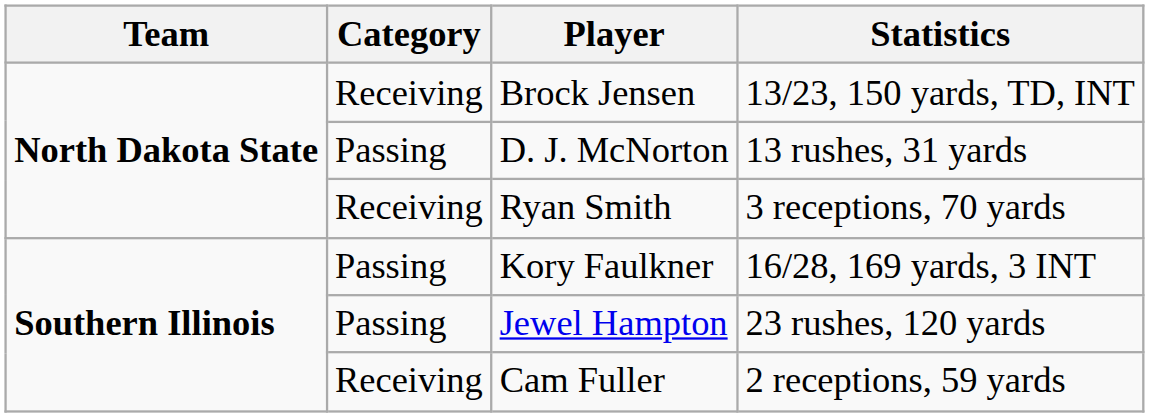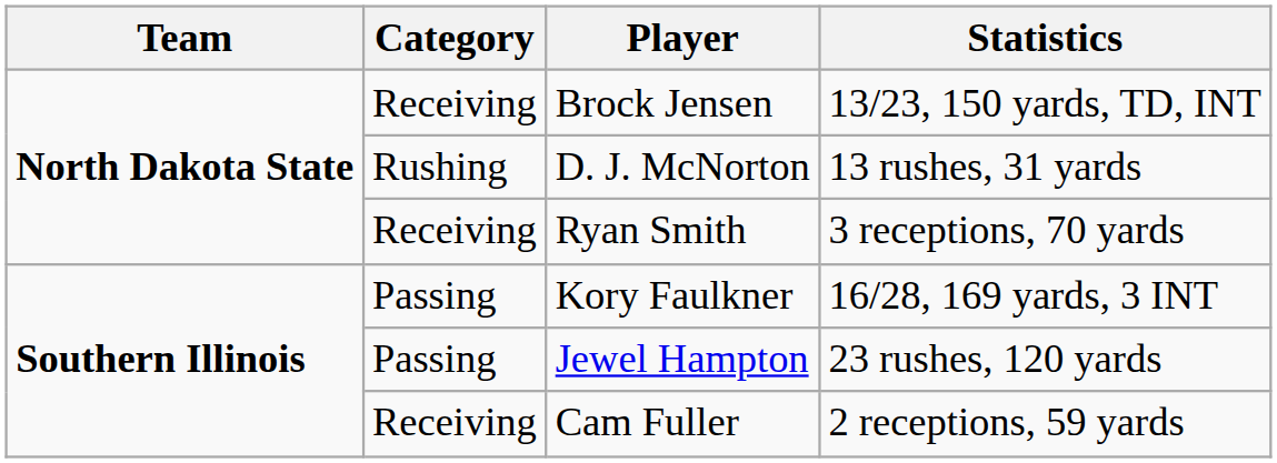 <table class="wikitable" style="float: right;">
 <tr>
 <th>Team</th>
 <th>Category</th>
 <th>Player</th>
 <th>Statistics</th>
 </tr>
 <tr>
 <td rowspan=3><strong>North Dakota State</strong></td>
 <td>Receiving</td>
 <td>Brock Jensen</td>
 <td>13/23, 150 yards, TD, INT</td>
 </tr>
 <tr>
-<td>Passing</td>
+<td>Rushing</td>
 <td>D. J. McNorton</td>
 <td>13 rushes, 31 yards</td>
 </tr>
 <tr>
 <td>Receiving</td>
 <td>Ryan Smith</td>
 <td>3 receptions, 70 yards</td>
 </tr>
 <tr>
 <td rowspan=3><strong>Southern Illinois</strong></td>
 <td>Passing</td>
 <td>Kory Faulkner</td>
 <td>16/28, 169 yards, 3 INT</td>
 </tr>
 <tr>
 <td>Passing</td>
 <td><a href='#'>Jewel Hampton</a></td>
 <td>23 rushes, 120 yards</td>
 </tr>
 <tr>
 <td>Receiving</td>
 <td>Cam Fuller</td>
 <td>2 receptions, 59 yards</td>
 </tr>
 </table>
